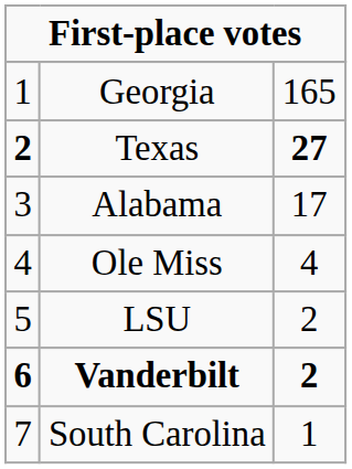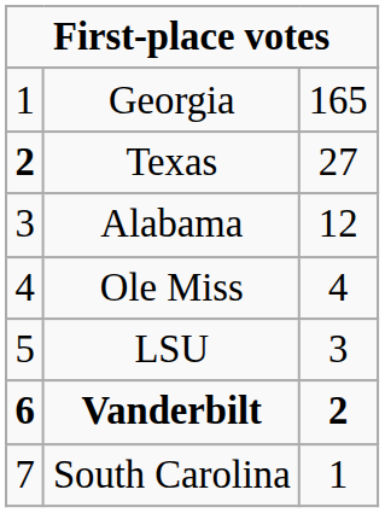 <table class="wikitable">
 <tr align="center">
 <td align="center" Colspan="3"><strong>First-place votes</strong></td>
 </tr>
 <tr align="center">
 </tr>
 <tr align="center">
 <td>1</td>
 <td>Georgia</td>
 <td>165</td>
 </tr>
 <tr align="center">
 <td><strong>2</strong></td>
 <td>Texas</td>
-<td><strong>27</strong></td>
+<td>27</td>
 </tr>
 <tr align="center">
 <td>3</td>
 <td>Alabama</td>
-<td>17</td>
+<td>12</td>
 </tr>
 <tr align="center">
 <td>4</td>
 <td>Ole Miss</td>
 <td>4</td>
 </tr>
 <tr align="center">
 <td>5</td>
 <td>LSU</td>
-<td>2</td>
+<td>3</td>
 </tr>
 <tr align="center">
 <td style=><strong>6</strong></td>
 <td><strong>Vanderbilt</strong></td>
 <td style=><strong>2</strong></td>
 </tr>
 <tr align="center">
 <td>7</td>
 <td>South Carolina</td>
 <td>1</td>
 </tr>
 </table>
